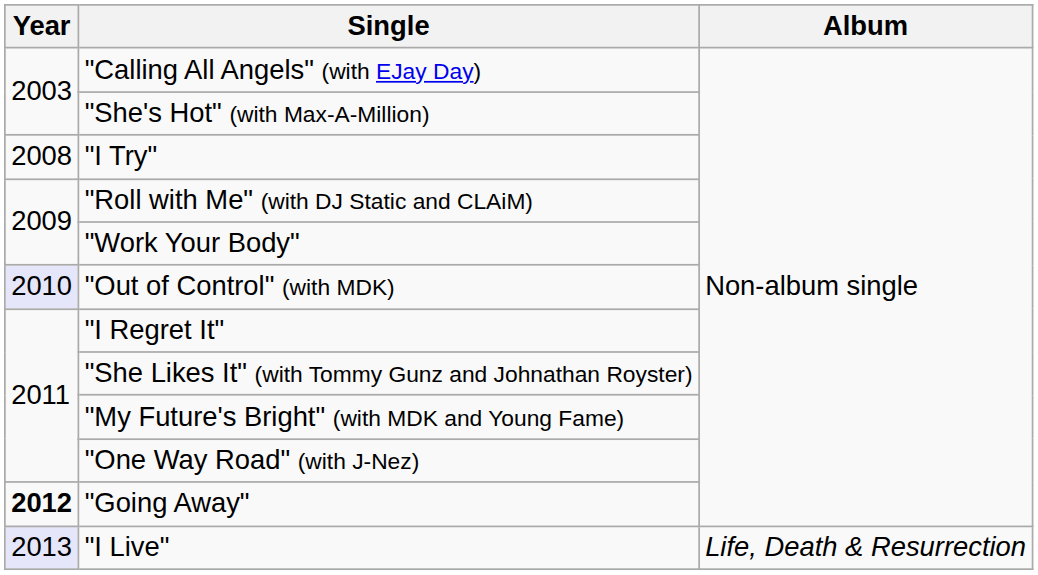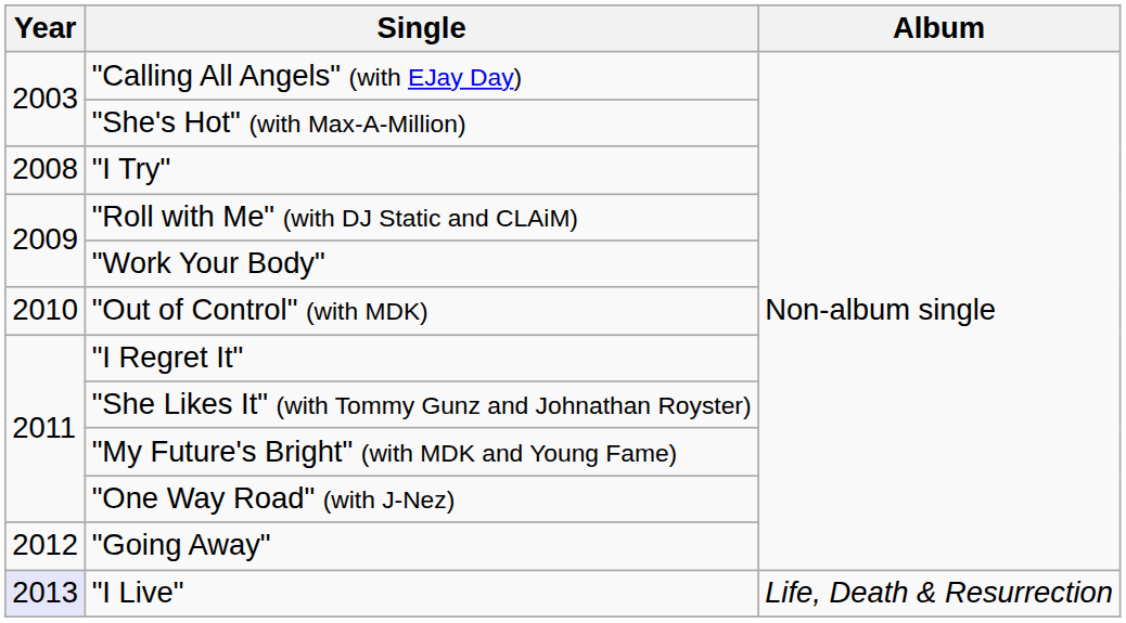 <table class="wikitable">
 <tr>
 <th>Year</th>
 <th>Single</th>
 <th>Album</th>
 </tr>
 <tr>
 <td rowspan="2">2003</td>
 <td>"Calling All Angels" <small>(with <a href='#'>EJay Day</a>)</small></td>
 <td rowspan="11">Non-album single</td>
 </tr>
 <tr>
 <td>"She's Hot" <small>(with Max-A-Million)</small></td>
 </tr>
 <tr>
 <td rowspan="1">2008</td>
 <td>"I Try"</td>
 </tr>
 <tr>
 <td rowspan="2">2009</td>
 <td>"Roll with Me" <small>(with DJ Static and CLAiM)</small></td>
 </tr>
 <tr>
 <td>"Work Your Body"</td>
 </tr>
 <tr>
-<td style="background: lavender;">2010</td>
+<td>2010</td>
 <td>"Out of Control" <small>(with MDK)</small></td>
 </tr>
 <tr>
 <td rowspan="4">2011</td>
 <td>"I Regret It"</td>
 </tr>
 <tr>
 <td>"She Likes It" <small>(with Tommy Gunz and Johnathan Royster)</small></td>
 </tr>
 <tr>
 <td>"My Future's Bright" <small>(with MDK and Young Fame)</small></td>
 </tr>
 <tr>
 <td>"One Way Road" <small>(with J-Nez)</small></td>
 </tr>
 <tr>
-<td><strong>2012</strong></td>
+<td>2012</td>
 <td>"Going Away"</td>
 </tr>
 <tr>
 <td style="background: lavender;">2013</td>
 <td>"I Live"</td>
 <td><em>Life, Death & Resurrection</em></td>
 </tr>
 </table>
